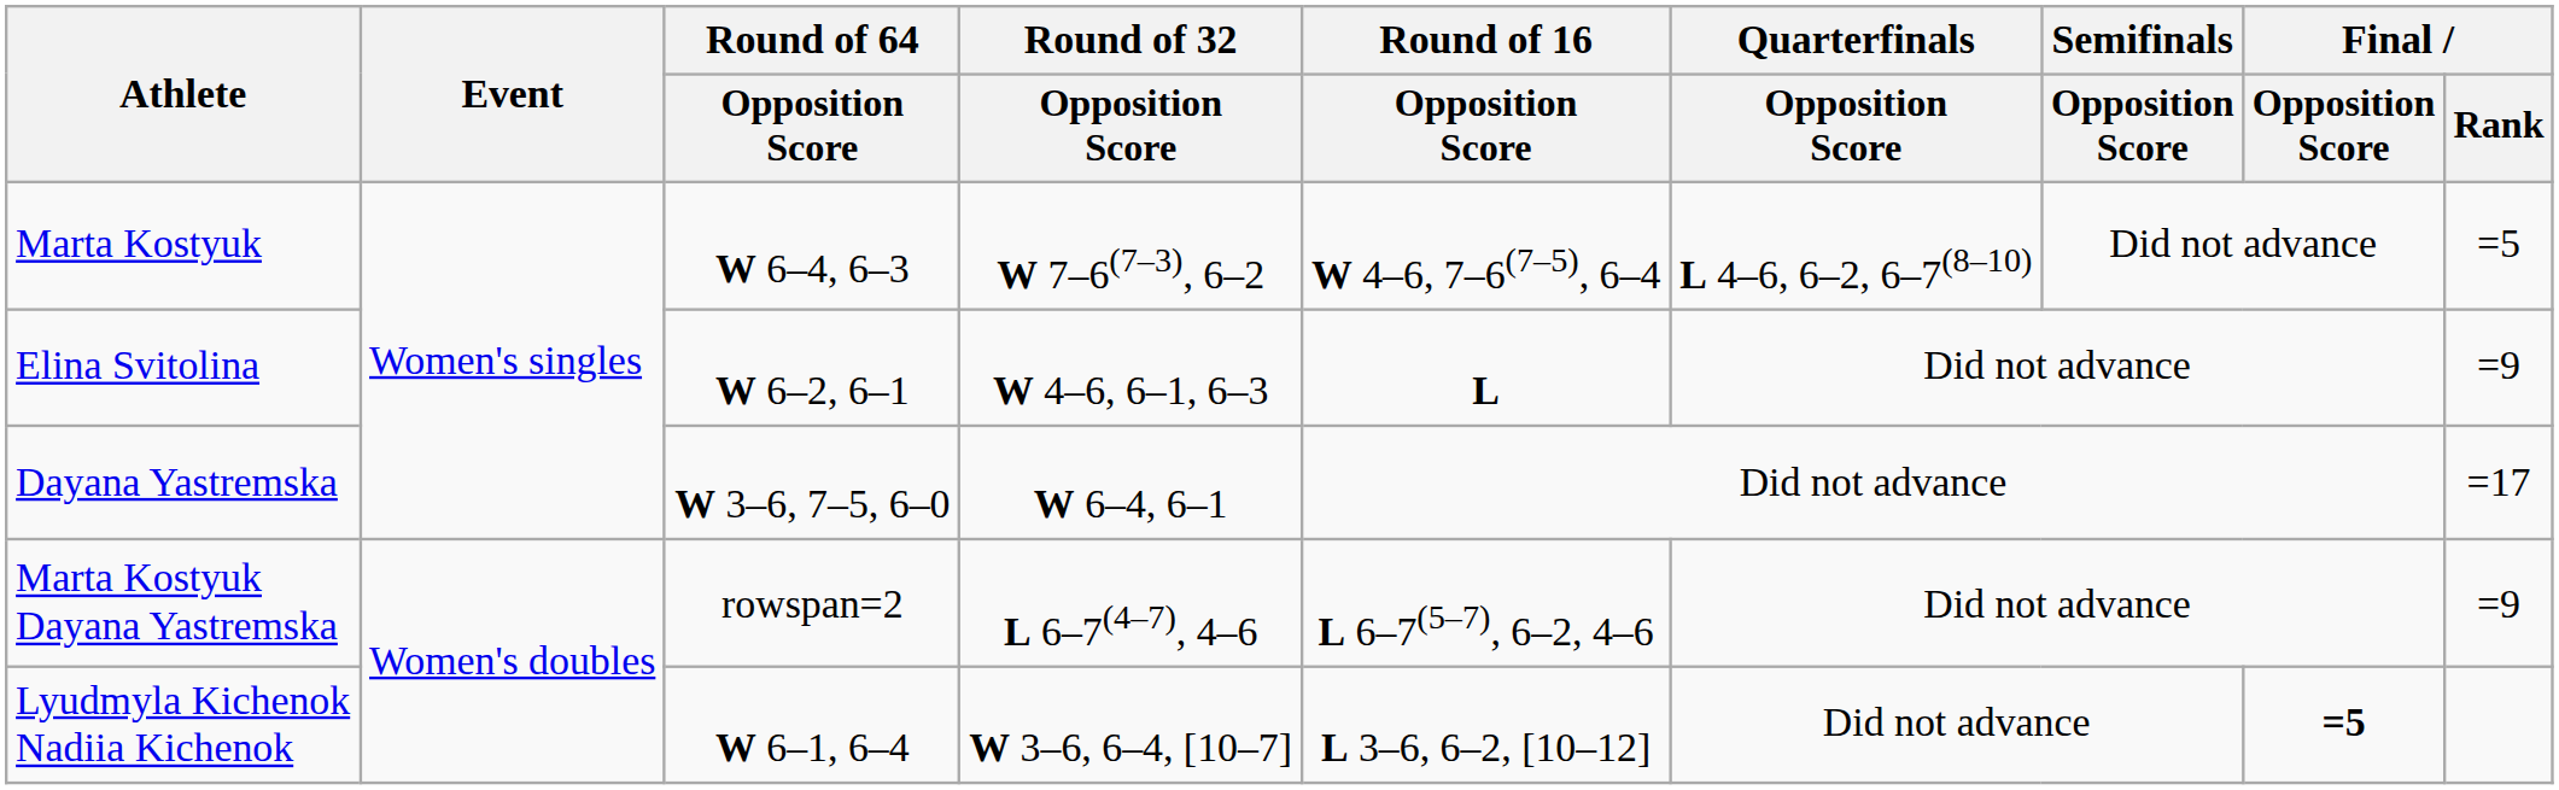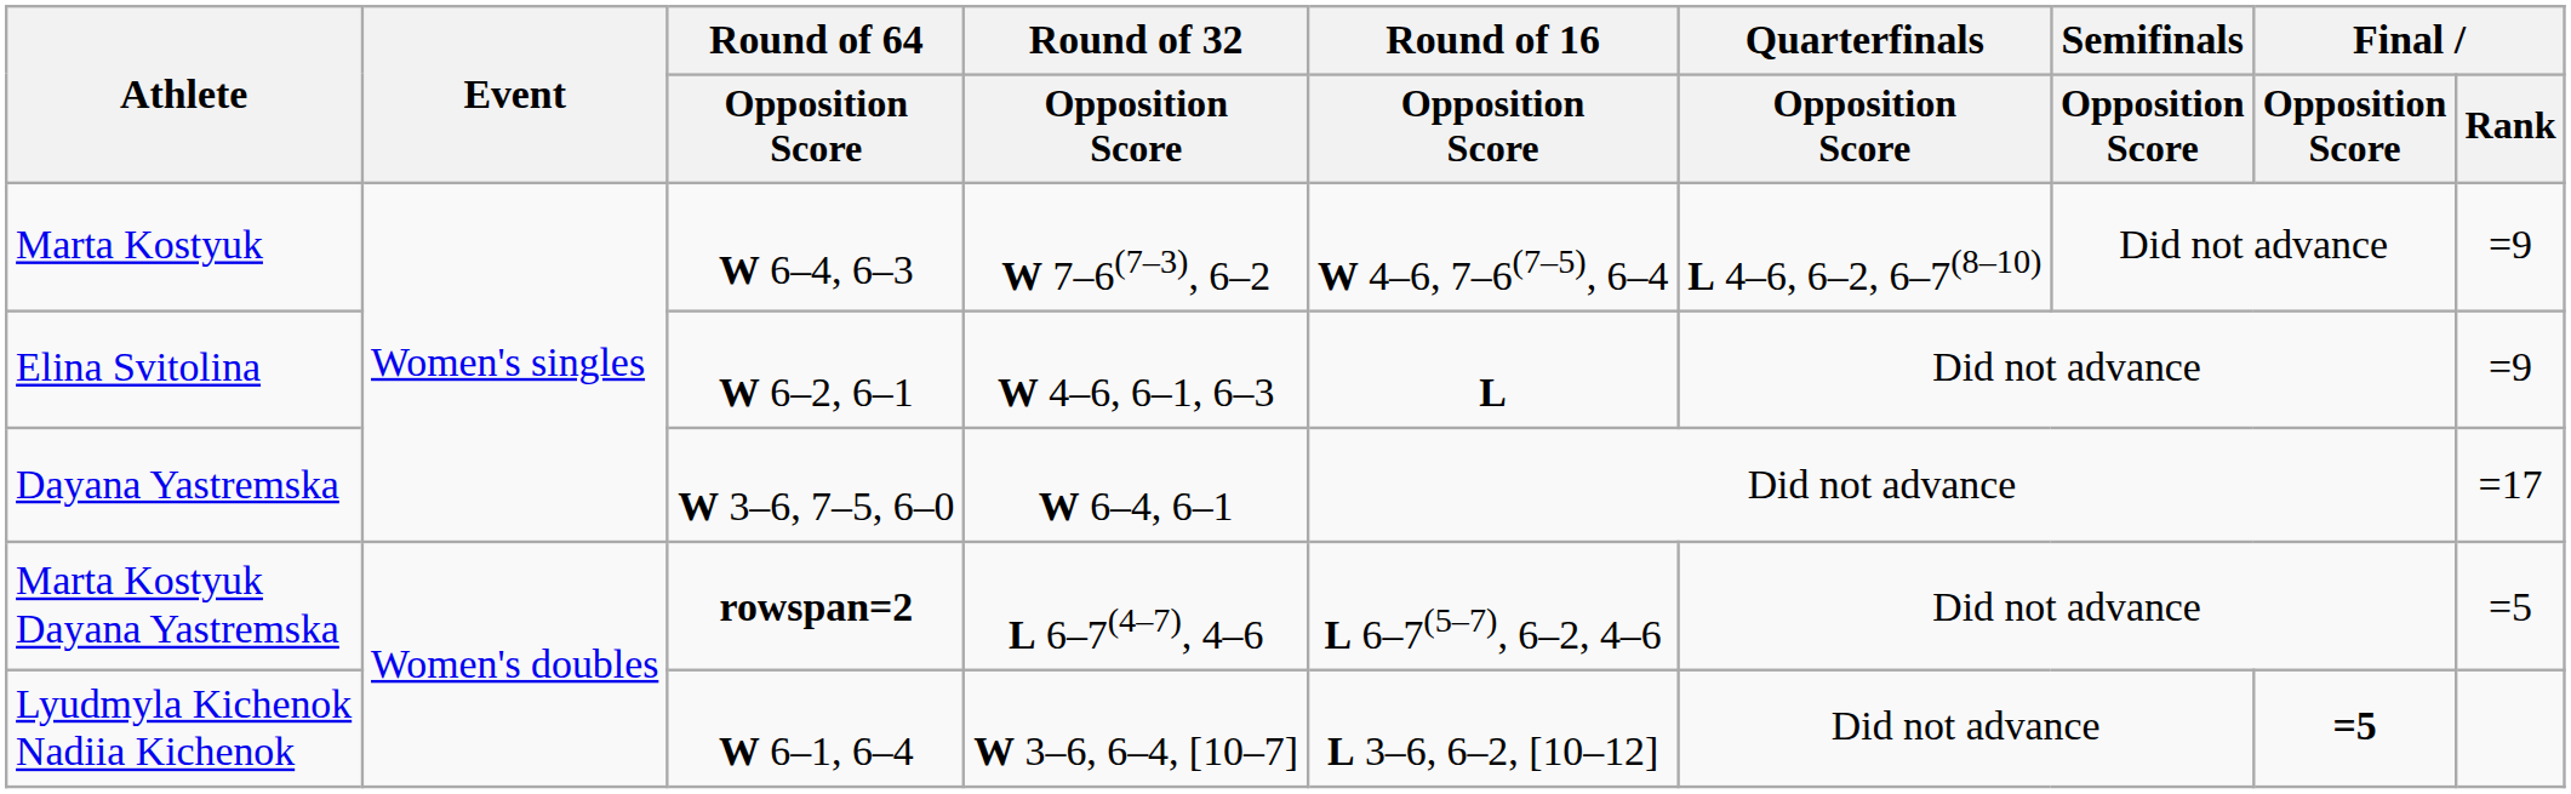 <table class=wikitable style="font-size:90%">
 <tr>
 <th rowspan="2">Athlete</th>
 <th rowspan="2">Event</th>
 <th>Round of 64</th>
 <th>Round of 32</th>
 <th>Round of 16</th>
 <th>Quarterfinals</th>
 <th>Semifinals</th>
 <th colspan=2>Final / </th>
 </tr>
 <tr style="font-size:95%">
 <th>Opposition<br>Score</th>
 <th>Opposition<br>Score</th>
 <th>Opposition<br>Score</th>
 <th>Opposition<br>Score</th>
 <th>Opposition<br>Score</th>
 <th>Opposition<br>Score</th>
 <th>Rank</th>
 </tr>
 <tr align=center>
 <td align=left><a href='#'>Marta Kostyuk</a></td>
 <td align=left rowspan=3><a href='#'>Women's singles</a></td>
 <td><br><strong>W</strong> 6–4, 6–3</td>
 <td><br><strong>W</strong> 7–6<sup>(7–3)</sup>, 6–2</td>
 <td><br><strong>W</strong> 4–6, 7–6<sup>(7–5)</sup>, 6–4</td>
 <td><br><strong>L</strong> 4–6, 6–2, 6–7<sup>(8–10)</sup></td>
 <td colspan=2>Did not advance</td>
-<td>=5</td>
+<td>=9</td>
 </tr>
 <tr align=center>
 <td align=left><a href='#'>Elina Svitolina</a></td>
 <td><br><strong>W</strong> 6–2, 6–1</td>
 <td><br><strong>W</strong> 4–6, 6–1, 6–3</td>
 <td><br><strong>L</strong> </td>
 <td colspan=3>Did not advance</td>
 <td>=9</td>
 </tr>
 <tr align=center>
 <td align=left><a href='#'>Dayana Yastremska</a></td>
 <td><br><strong>W</strong> 3–6, 7–5, 6–0</td>
 <td><br><strong>W</strong> 6–4, 6–1</td>
 <td colspan=4>Did not advance</td>
 <td>=17</td>
 </tr>
 <tr align=center>
 <td align=left><a href='#'>Marta Kostyuk</a><br><a href='#'>Dayana Yastremska</a></td>
 <td align=left rowspan=2><a href='#'>Women's doubles</a></td>
-<td>rowspan=2 </td>
+<td><strong>rowspan=2 </strong></td>
 <td><br><strong>L</strong> 6–7<sup>(4–7)</sup>, 4–6</td>
 <td><br><strong>L</strong> 6–7<sup>(5–7)</sup>, 6–2, 4–6</td>
 <td colspan=3>Did not advance</td>
-<td>=9</td>
+<td>=5</td>
 </tr>
 <tr align=center>
 <td align=left><a href='#'>Lyudmyla Kichenok</a><br><a href='#'>Nadiia Kichenok</a></td>
 <td><br><strong>W</strong> 6–1, 6–4</td>
 <td><br><strong>W</strong> 3–6, 6–4, [10–7]</td>
 <td><br><strong>L</strong> 3–6, 6–2, [10–12]</td>
 <td colspan=2>Did not advance</td>
 <td><strong>=5</strong></td>
 </tr>
 </table>
